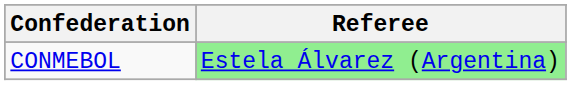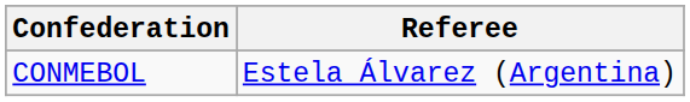 <table class="wikitable">
 <tr>
 <th>Confederation</th>
 <th>Referee</th>
 </tr>
 <tr>
 <td><a href='#'>CONMEBOL</a></td>
-<td style="background: lightgreen;"><a href='#'>Estela Álvarez</a> (<a href='#'>Argentina</a>)</td>
+<td><a href='#'>Estela Álvarez</a> (<a href='#'>Argentina</a>)</td>
 </tr>
 </table>
